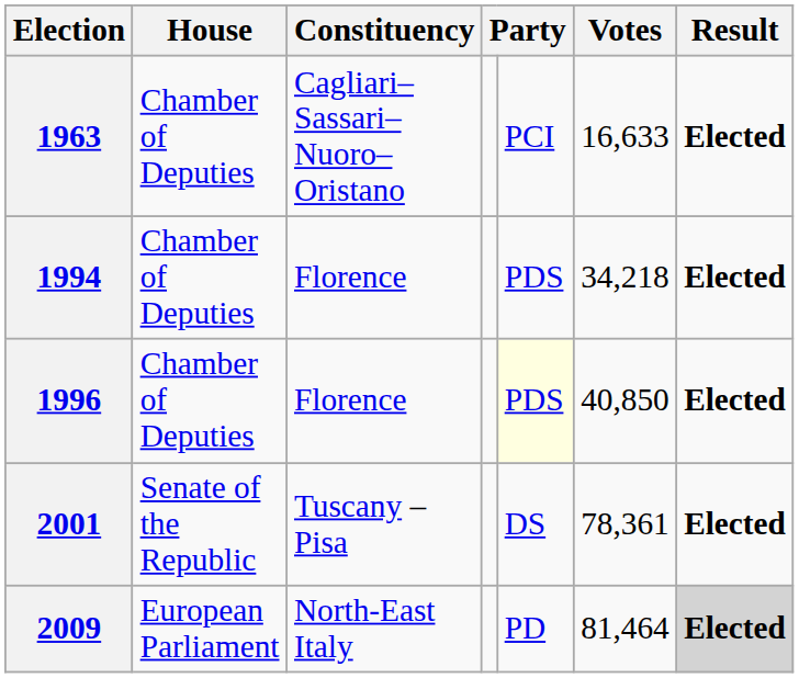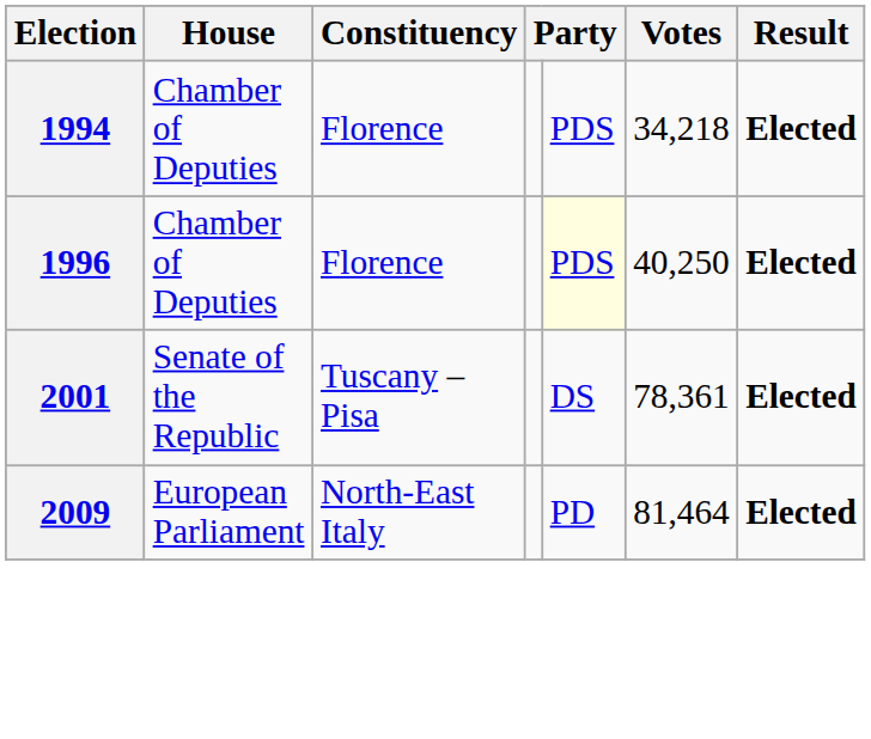 <table class=wikitable style="width:60%; border:1px #AAAAFF solid">
 <tr>
 <th width=12%>Election</th>
 <th width=30%>House</th>
 <th width=30%>Constituency</th>
 <th width=5% colspan="2">Party</th>
 <th width=12%>Votes</th>
 <th width=12%>Result</th>
-</tr>
-<tr>
-<th><a href='#'>1963</a></th>
-<td><a href='#'>Chamber of Deputies</a></td>
-<td><a href='#'>Cagliari–Sassari–Nuoro–Oristano</a></td>
-<td></td>
-<td><a href='#'>PCI</a></td>
-<td>16,633</td>
-<td> <strong>Elected</strong></td>
 </tr>
 <tr>
 <th><a href='#'>1994</a></th>
 <td><a href='#'>Chamber of Deputies</a></td>
 <td><a href='#'>Florence</a></td>
 <td></td>
 <td><a href='#'>PDS</a></td>
 <td>34,218</td>
 <td> <strong>Elected</strong></td>
 </tr>
 <tr>
 <th><a href='#'>1996</a></th>
 <td><a href='#'>Chamber of Deputies</a></td>
 <td><a href='#'>Florence</a></td>
 <td></td>
 <td style="background: lightyellow;"><a href='#'>PDS</a></td>
-<td>40,850</td>
+<td>40,250</td>
 <td> <strong>Elected</strong></td>
 </tr>
 <tr>
 <th><a href='#'>2001</a></th>
 <td><a href='#'>Senate of the Republic</a></td>
 <td><a href='#'>Tuscany</a> – <a href='#'>Pisa</a></td>
 <td></td>
 <td><a href='#'>DS</a></td>
 <td>78,361</td>
 <td> <strong>Elected</strong></td>
 </tr>
 <tr>
 <th><a href='#'>2009</a></th>
 <td><a href='#'>European Parliament</a></td>
 <td><a href='#'>North-East Italy</a></td>
 <td></td>
 <td><a href='#'>PD</a></td>
 <td>81,464</td>
-<td style="background: lightgrey;"> <strong>Elected</strong></td>
+<td> <strong>Elected</strong></td>
 </tr>
 </table>
